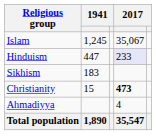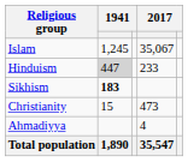 <table class="wikitable sortable">
 <tr>
 <th rowspan="2"><a href='#'>Religious</a><br>group</th>
 <th colspan="2">1941</th>
 <th colspan="2">2017</th>
 </tr>
 <tr>
 <th><a href='#'></a></th>
 <th></th>
 <th></th>
 <th></th>
 </tr>
 <tr>
 <td><a href='#'>Islam</a> </td>
 <td>1,245</td>
 <td></td>
 <td>35,067</td>
 <td></td>
 </tr>
 <tr>
 <td><a href='#'>Hinduism</a> </td>
-<td>447</td>
+<td style="background: lightgrey;">447</td>
 <td></td>
-<td style="background: lavender;">233</td>
+<td>233</td>
 <td></td>
 </tr>
 <tr>
 <td><a href='#'>Sikhism</a> </td>
-<td>183</td>
+<td><strong>183</strong></td>
 <td></td>
 <td></td>
 <td></td>
 </tr>
 <tr>
 <td><a href='#'>Christianity</a> </td>
 <td>15</td>
 <td></td>
-<td><strong>473</strong></td>
+<td>473</td>
 <td></td>
 </tr>
 <tr>
 <td><a href='#'>Ahmadiyya</a> </td>
 <td></td>
 <td></td>
 <td>4</td>
 <td></td>
 </tr>
 <tr>
 <th>Total population</th>
 <th>1,890</th>
 <th></th>
 <th>35,547</th>
 <th></th>
 </tr>
 </table>
